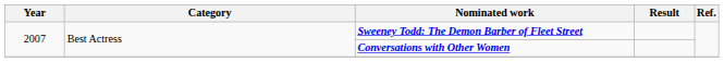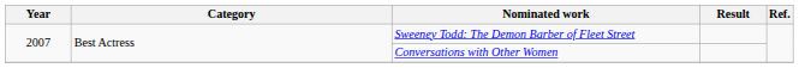 <table class=wikitable>
 <tr>
 <th scope="col" style="width:5em;">Year</th>
 <th scope="col" style="width:26em;">Category</th>
 <th scope="col" style="width:25em;">Nominated work</th>
 <th scope="col" style="width:5em;">Result</th>
 <th>Ref.</th>
 </tr>
 <tr>
 <td style="text-align:center;", rowspan=2>2007</td>
 <td rowspan="2">Best Actress</td>
-<td><strong><em><a href='#'>Sweeney Todd: The Demon Barber of Fleet Street</a></em></strong></td>
+<td><em><a href='#'>Sweeney Todd: The Demon Barber of Fleet Street</a></em></td>
 <td></td>
 <td rowspan=2></td>
 </tr>
 <tr>
-<td><strong><em><a href='#'>Conversations with Other Women</a></em></strong></td>
+<td><em><a href='#'>Conversations with Other Women</a></em></td>
 <td></td>
 </tr>
 <tr>
 </tr>
 </table>
